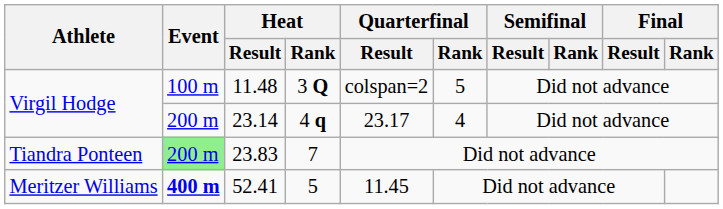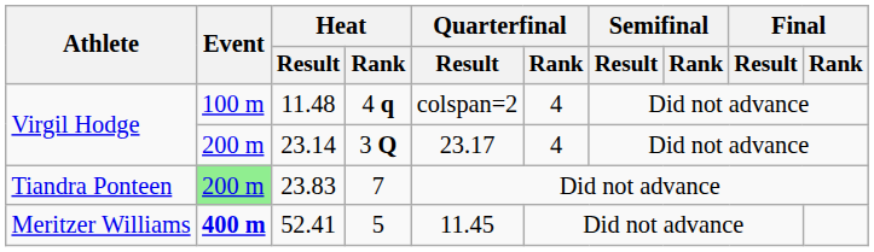 <table class=wikitable style="font-size:90%">
 <tr>
 <th rowspan="2">Athlete</th>
 <th rowspan="2">Event</th>
 <th colspan="2">Heat</th>
 <th colspan="2">Quarterfinal</th>
 <th colspan="2">Semifinal</th>
 <th colspan="2">Final</th>
 </tr>
 <tr style="font-size:95%">
 <th>Result</th>
 <th>Rank</th>
 <th>Result</th>
 <th>Rank</th>
 <th>Result</th>
 <th>Rank</th>
 <th>Result</th>
 <th>Rank</th>
 </tr>
 <tr align=center>
 <td align=left rowspan=2><a href='#'>Virgil Hodge</a></td>
 <td align=left><a href='#'>100 m</a></td>
 <td>11.48</td>
-<td>3 <strong>Q</strong></td>
+<td>4 <strong>q</strong></td>
 <td>colspan=2 </td>
-<td>5</td>
+<td>4</td>
 <td colspan=4>Did not advance</td>
 </tr>
 <tr align=center>
 <td align=left><a href='#'>200 m</a></td>
 <td>23.14</td>
-<td>4 <strong>q</strong></td>
+<td>3 <strong>Q</strong></td>
 <td>23.17</td>
 <td>4</td>
 <td colspan=4>Did not advance</td>
 </tr>
 <tr align=center>
 <td align=left><a href='#'>Tiandra Ponteen</a></td>
 <td align=left style="background: lightgreen;"><a href='#'>200 m</a></td>
 <td>23.83</td>
 <td>7</td>
 <td colspan=6>Did not advance</td>
 </tr>
 <tr align=center>
 <td align=left><a href='#'>Meritzer Williams</a></td>
 <td align=left><strong><a href='#'>400 m</a></strong></td>
 <td>52.41</td>
 <td>5</td>
 <td>11.45</td>
 <td colspan=4>Did not advance</td>
 </tr>
 </table>
